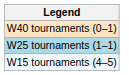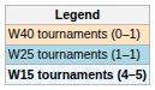 <table class="wikitable" style="font-size:85%">
 <tr>
 <th>Legend</th>
 </tr>
 <tr style="background:#ffe4c4;">
 <td>W40 tournaments (0–1)</td>
 </tr>
 <tr style="background:lightblue;">
 <td>W25 tournaments (1–1)</td>
 </tr>
 <tr style="background:#f0f8ff;">
-<td>W15 tournaments (4–5)</td>
+<td><strong>W15 tournaments (4–5)</strong></td>
 </tr>
 </table>
